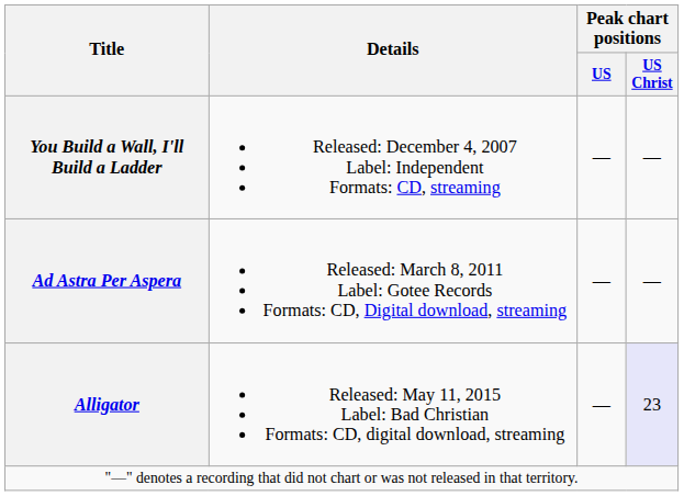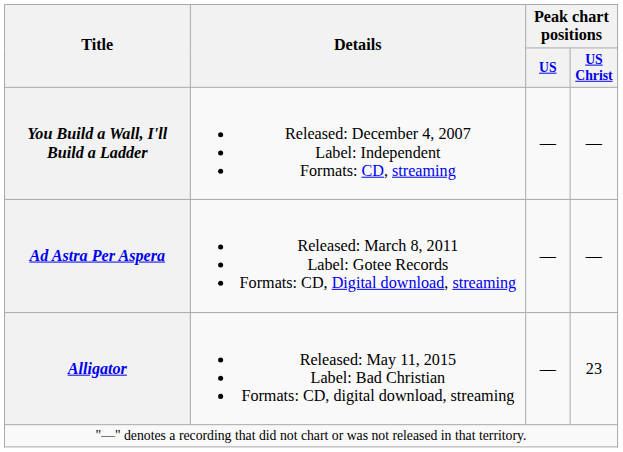 <table class="wikitable plainrowheaders" style="text-align:center;">
 <tr>
 <th scope="col" rowspan="2" style="width:12em;">Title</th>
 <th scope="col" rowspan="2" style="width:22em;">Details</th>
 <th colspan="2">Peak chart positions</th>
 </tr>
 <tr>
 <th scope="col" style="width:3em;font-size:85%;"><a href='#'>US</a><br></th>
 <th scope="col" style="width:3em;font-size:85%;"><a href='#'>US<br>Christ</a><br></th>
 </tr>
 <tr>
 <th scope="row"><em>You Build a Wall, I'll Build a Ladder</em></th>
 <td><br><ul><li>Released: December 4, 2007</li><li>Label: Independent</li><li>Formats: <a href='#'>CD</a>, <a href='#'>streaming</a></li></ul></td>
 <td>—</td>
 <td>—</td>
 </tr>
 <tr>
 <th scope="row"><em><a href='#'>Ad Astra Per Aspera</a></em></th>
 <td><br><ul><li>Released: March 8, 2011</li><li>Label: Gotee Records</li><li>Formats: CD, <a href='#'>Digital download</a>, <a href='#'>streaming</a></li></ul></td>
 <td>—</td>
 <td>—</td>
 </tr>
 <tr>
 <th scope="row"><em><a href='#'>Alligator</a></em></th>
 <td><br><ul><li>Released: May 11, 2015</li><li>Label: Bad Christian</li><li>Formats: CD, digital download, streaming</li></ul></td>
 <td>—</td>
-<td style="background: lavender;">23</td>
+<td>23</td>
 </tr>
 <tr>
 <td colspan="12" style="font-size:85%">"—" denotes a recording that did not chart or was not released in that territory.</td>
 </tr>
 </table>
